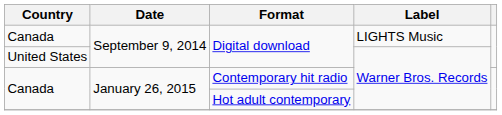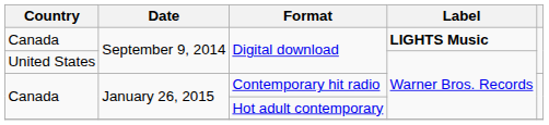 <table class="wikitable">
 <tr>
 <th>Country</th>
 <th>Date</th>
 <th>Format</th>
 <th>Label</th>
 <th></th>
 </tr>
 <tr>
 <td>Canada</td>
 <td rowspan="2">September 9, 2014</td>
 <td rowspan="2"><a href='#'>Digital download</a></td>
-<td>LIGHTS Music</td>
+<td><strong>LIGHTS Music</strong></td>
 <td rowspan="2"></td>
 </tr>
 <tr>
 <td>United States</td>
 <td rowspan="3"><a href='#'>Warner Bros. Records</a></td>
 </tr>
 <tr>
 <td rowspan="2">Canada</td>
 <td rowspan="2">January 26, 2015</td>
 <td><a href='#'>Contemporary hit radio</a></td>
 <td rowspan="2"></td>
 </tr>
 <tr>
 <td><a href='#'>Hot adult contemporary</a></td>
 </tr>
 <tr>
 </tr>
 </table>
